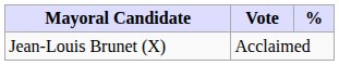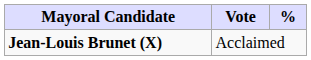 <table class="wikitable">
 <tr>
 <th style="background:#ddf; width:200px;">Mayoral Candidate</th>
 <th style="background:#ddf; width:50px;">Vote</th>
 <th style="background:#ddf; width:30px;">%</th>
 </tr>
 <tr>
-<td>Jean-Louis Brunet (X)</td>
+<td><strong>Jean-Louis Brunet (X)</strong></td>
 <td colspan="2">Acclaimed</td>
 </tr>
 </table>
